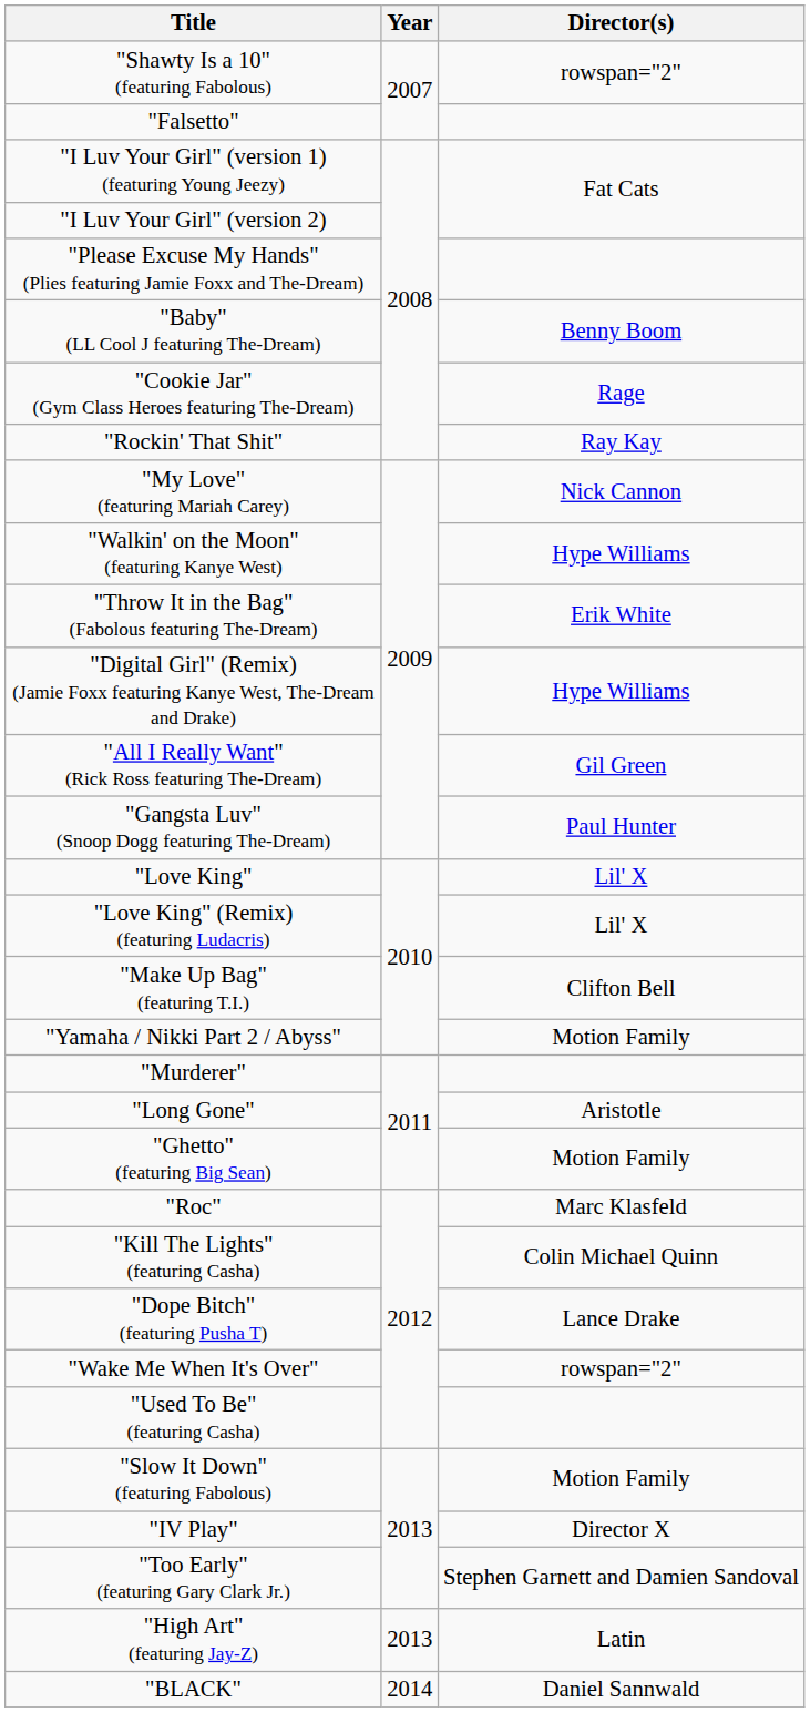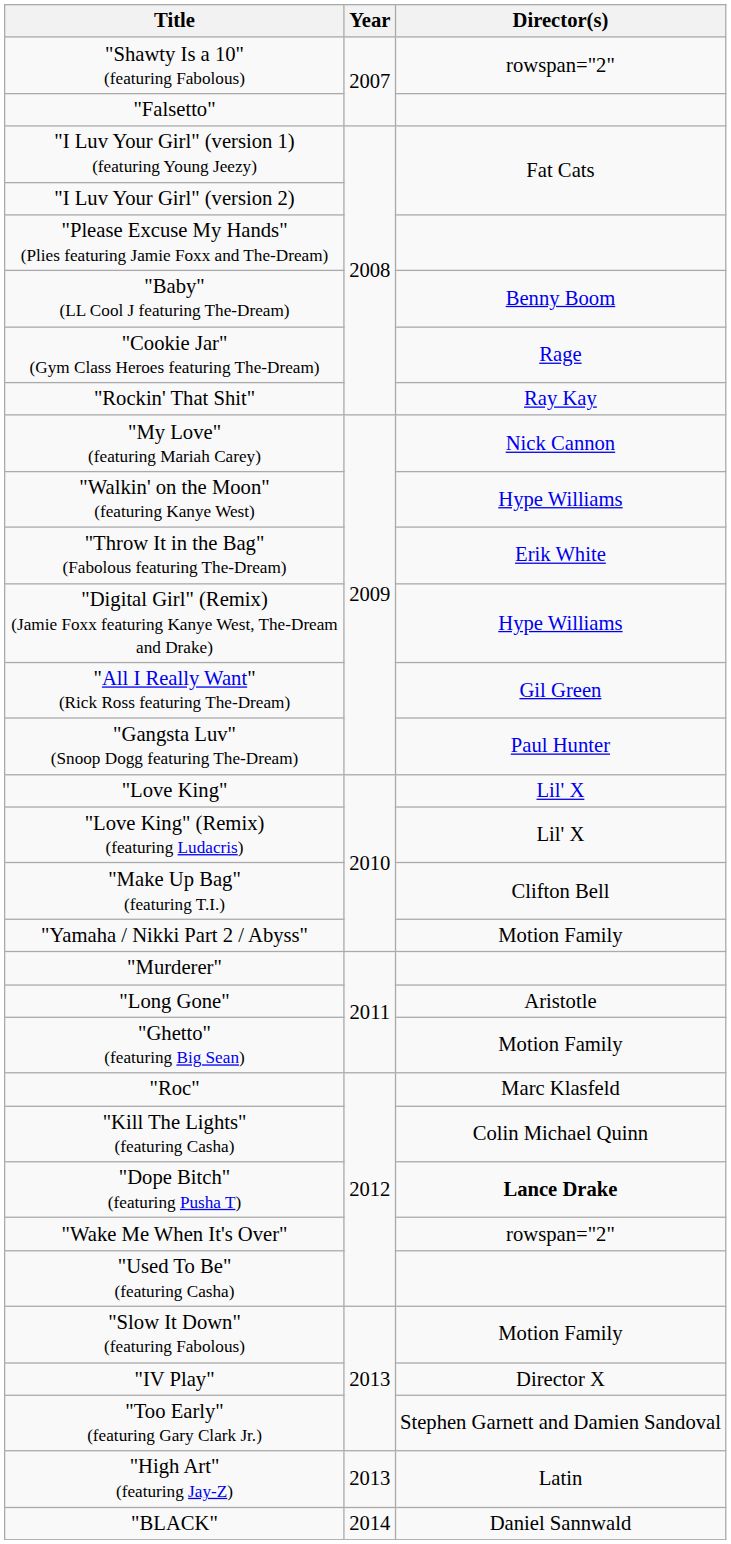 <table class="wikitable plainrowheaders" style="text-align:center;" border="1">
 <tr>
 <th scope="col" style="width:16em;">Title</th>
 <th scope="col">Year</th>
 <th scope="col">Director(s)</th>
 </tr>
 <tr>
 <td>"Shawty Is a 10"<br><small>(featuring Fabolous)</small></td>
 <td rowspan="2">2007</td>
 <td>rowspan="2" </td>
 </tr>
 <tr>
 <td>"Falsetto"</td>
 </tr>
 <tr>
 <td>"I Luv Your Girl" (version 1)<br><small>(featuring Young Jeezy)</small></td>
 <td rowspan="6">2008</td>
 <td rowspan="2">Fat Cats</td>
 </tr>
 <tr>
 <td>"I Luv Your Girl" (version 2)</td>
 </tr>
 <tr>
 <td>"Please Excuse My Hands"<br><small>(Plies featuring Jamie Foxx and The-Dream)</small></td>
 <td></td>
 </tr>
 <tr>
 <td>"Baby"<br><small>(LL Cool J featuring The-Dream)</small></td>
 <td><a href='#'>Benny Boom</a></td>
 </tr>
 <tr>
 <td>"Cookie Jar"<br><small>(Gym Class Heroes featuring The-Dream)</small></td>
 <td><a href='#'>Rage</a></td>
 </tr>
 <tr>
 <td>"Rockin' That Shit"</td>
 <td><a href='#'>Ray Kay</a></td>
 </tr>
 <tr>
 <td>"My Love"<br><small>(featuring Mariah Carey)</small></td>
 <td rowspan="6">2009</td>
 <td><a href='#'>Nick Cannon</a></td>
 </tr>
 <tr>
 <td>"Walkin' on the Moon"<br><small>(featuring Kanye West)</small></td>
 <td><a href='#'>Hype Williams</a></td>
 </tr>
 <tr>
 <td>"Throw It in the Bag"<br><small>(Fabolous featuring The-Dream)</small></td>
 <td><a href='#'>Erik White</a></td>
 </tr>
 <tr>
 <td>"Digital Girl" (Remix)<br><small>(Jamie Foxx featuring Kanye West, The-Dream and Drake)</small></td>
 <td><a href='#'>Hype Williams</a></td>
 </tr>
 <tr>
 <td>"<a href='#'>All I Really Want</a>"<br><small>(Rick Ross featuring The-Dream)</small></td>
 <td><a href='#'>Gil Green</a></td>
 </tr>
 <tr>
 <td>"Gangsta Luv"<br><small>(Snoop Dogg featuring The-Dream)</small></td>
 <td><a href='#'>Paul Hunter</a></td>
 </tr>
 <tr>
 <td>"Love King"</td>
 <td rowspan="4">2010</td>
 <td><a href='#'>Lil' X</a></td>
 </tr>
 <tr>
 <td>"Love King" (Remix)<br><small>(featuring <a href='#'>Ludacris</a>)</small></td>
 <td>Lil' X</td>
 </tr>
 <tr>
 <td>"Make Up Bag"<br><small>(featuring T.I.)</small></td>
 <td>Clifton Bell</td>
 </tr>
 <tr>
 <td>"Yamaha / Nikki Part 2 / Abyss"</td>
 <td>Motion Family</td>
 </tr>
 <tr>
 <td>"Murderer"</td>
 <td rowspan="3">2011</td>
 <td></td>
 </tr>
 <tr>
 <td>"Long Gone"</td>
 <td>Aristotle</td>
 </tr>
 <tr>
 <td>"Ghetto" <br><small>(featuring <a href='#'>Big Sean</a>)</small></td>
 <td>Motion Family</td>
 </tr>
 <tr>
 <td>"Roc"</td>
 <td rowspan="5">2012</td>
 <td>Marc Klasfeld</td>
 </tr>
 <tr>
 <td>"Kill The Lights" <br><small>(featuring Casha)</small></td>
 <td>Colin Michael Quinn</td>
 </tr>
 <tr>
 <td>"Dope Bitch" <br><small>(featuring <a href='#'>Pusha T</a>)</small></td>
-<td>Lance Drake</td>
+<td><strong>Lance Drake</strong></td>
 </tr>
 <tr>
 <td>"Wake Me When It's Over"</td>
 <td>rowspan="2" </td>
 </tr>
 <tr>
 <td>"Used To Be"<br><small>(featuring Casha)</small></td>
 </tr>
 <tr>
 <td>"Slow It Down"<br><small>(featuring Fabolous)</small></td>
 <td rowspan="3">2013</td>
 <td>Motion Family</td>
 </tr>
 <tr>
 <td>"IV Play"</td>
 <td>Director X</td>
 </tr>
 <tr>
 <td>"Too Early"<br><small>(featuring Gary Clark Jr.)</small></td>
 <td>Stephen Garnett and Damien Sandoval</td>
 </tr>
 <tr>
 <td>"High Art"<br><small> (featuring <a href='#'>Jay-Z</a>)</small></td>
 <td>2013</td>
 <td>Latin</td>
 </tr>
 <tr>
 <td>"BLACK"<br><small></small></td>
 <td rowspan="3">2014</td>
 <td>Daniel Sannwald</td>
 </tr>
 </table>
